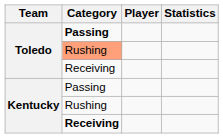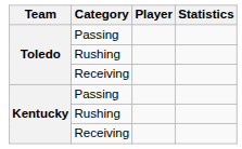 <table class="wikitable" style="float:right">
 <tr>
 <th>Team</th>
 <th>Category</th>
 <th>Player</th>
 <th>Statistics</th>
 </tr>
 <tr>
 <th rowspan=3>Toledo</th>
-<td><strong>Passing</strong></td>
+<td>Passing</td>
 <td></td>
 <td></td>
 </tr>
 <tr>
-<td style="background: lightsalmon;">Rushing</td>
+<td>Rushing</td>
 <td></td>
 <td></td>
 </tr>
 <tr>
 <td>Receiving</td>
 <td></td>
 <td></td>
 </tr>
 <tr>
 <th rowspan=3>Kentucky</th>
 <td>Passing</td>
 <td></td>
 <td></td>
 </tr>
 <tr>
 <td>Rushing</td>
 <td></td>
 <td></td>
 </tr>
 <tr>
-<td><strong>Receiving</strong></td>
+<td>Receiving</td>
 <td></td>
 <td></td>
 </tr>
 </table>
